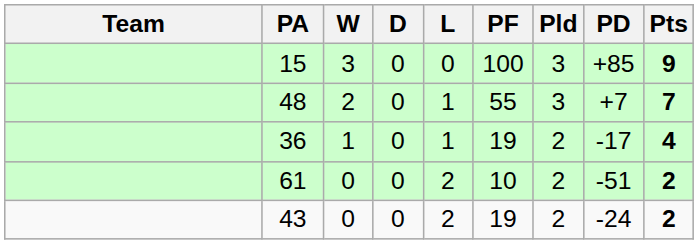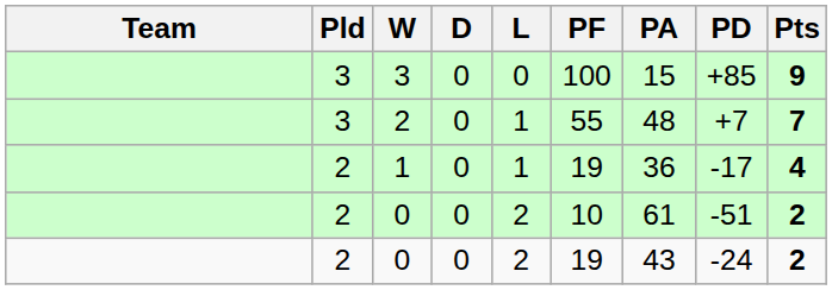 <table class="wikitable" style="text-align:center;">
 <tr>
 <th width="160">Team</th>
-<th width="32" abbr="Points against">PA</th>
+<th width="25" abbr="Played">Pld</th>
 <th width="25" abbr="Won">W</th>
 <th width="25" abbr="Drawn">D</th>
 <th width="25" abbr="Lost">L</th>
 <th width="32" abbr="Points for">PF</th>
-<th width="25" abbr="Played">Pld</th>
+<th width="32" abbr="Points against">PA</th>
 <th width="32" abbr="Points difference">PD</th>
 <th width="25" abbr="Points">Pts</th>
 </tr>
 <tr bgcolor="ccffcc">
 <td align="left"></td>
-<td>15</td>
+<td>3</td>
 <td>3</td>
 <td>0</td>
 <td>0</td>
 <td>100</td>
-<td>3</td>
+<td>15</td>
 <td>+85</td>
 <td><strong>9</strong></td>
 </tr>
 <tr bgcolor="ccffcc">
 <td align="left"></td>
-<td>48</td>
+<td>3</td>
 <td>2</td>
 <td>0</td>
 <td>1</td>
 <td>55</td>
-<td>3</td>
+<td>48</td>
 <td>+7</td>
 <td><strong>7</strong></td>
 </tr>
 <tr bgcolor="ccffcc">
 <td align="left"></td>
-<td>36</td>
+<td>2</td>
 <td>1</td>
 <td>0</td>
 <td>1</td>
 <td>19</td>
-<td>2</td>
+<td>36</td>
 <td>-17</td>
 <td><strong>4</strong></td>
 </tr>
 <tr bgcolor="ccffcc">
 <td align="left"></td>
-<td>61</td>
+<td>2</td>
 <td>0</td>
 <td>0</td>
 <td>2</td>
 <td>10</td>
-<td>2</td>
+<td>61</td>
 <td>-51</td>
 <td><strong>2</strong></td>
 </tr>
 <tr>
 <td align="left"></td>
-<td>43</td>
+<td>2</td>
 <td>0</td>
 <td>0</td>
 <td>2</td>
 <td>19</td>
-<td>2</td>
+<td>43</td>
 <td>-24</td>
 <td><strong>2</strong></td>
 </tr>
 </table>
